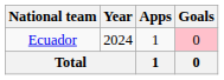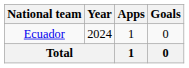 <table class="wikitable" style="text-align:center">
 <tr>
 <th>National team</th>
 <th>Year</th>
 <th>Apps</th>
 <th>Goals</th>
 </tr>
 <tr>
 <td rowspan="1"><a href='#'>Ecuador</a></td>
 <td>2024</td>
 <td>1</td>
-<td style="background: pink;">0</td>
+<td>0</td>
 </tr>
 <tr>
 <th colspan="2">Total</th>
 <th>1</th>
 <th>0</th>
 </tr>
 </table>
